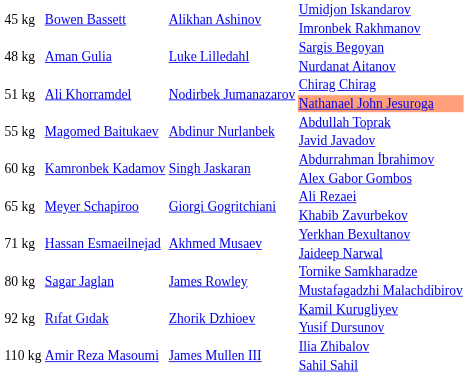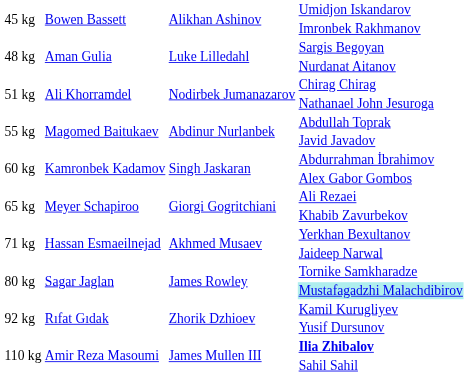 <table>
 <tr>
 <td rowspan=2>45 kg</td>
 <td rowspan=2> <a href='#'>Bowen Bassett</a></td>
 <td rowspan=2> <a href='#'>Alikhan Ashinov</a></td>
 <td> <a href='#'>Umidjon Iskandarov</a></td>
 </tr>
 <tr>
 <td> <a href='#'>Imronbek Rakhmanov</a></td>
 </tr>
 <tr>
 <td rowspan=2>48 kg</td>
 <td rowspan=2> <a href='#'>Aman Gulia</a></td>
 <td rowspan=2> <a href='#'>Luke Lilledahl</a></td>
 <td> <a href='#'>Sargis Begoyan</a></td>
 </tr>
 <tr>
 <td> <a href='#'>Nurdanat Aitanov</a></td>
 </tr>
 <tr>
 <td rowspan=2>51 kg</td>
 <td rowspan=2> <a href='#'>Ali Khorramdel</a></td>
 <td rowspan=2> <a href='#'>Nodirbek Jumanazarov</a></td>
 <td> <a href='#'>Chirag Chirag</a></td>
 </tr>
 <tr>
-<td style="background: lightsalmon;"> <a href='#'>Nathanael John Jesuroga</a></td>
+<td> <a href='#'>Nathanael John Jesuroga</a></td>
 </tr>
 <tr>
 <td rowspan=2>55 kg</td>
 <td rowspan=2> <a href='#'>Magomed Baitukaev</a></td>
 <td rowspan=2> <a href='#'>Abdinur Nurlanbek</a></td>
 <td> <a href='#'>Abdullah Toprak</a></td>
 </tr>
 <tr>
 <td> <a href='#'>Javid Javadov</a></td>
 </tr>
 <tr>
 <td rowspan=2>60 kg</td>
 <td rowspan=2> <a href='#'>Kamronbek Kadamov</a></td>
 <td rowspan=2> <a href='#'>Singh Jaskaran</a></td>
 <td> <a href='#'>Abdurrahman İbrahimov</a></td>
 </tr>
 <tr>
 <td> <a href='#'>Alex Gabor Gombos</a></td>
 </tr>
 <tr>
 <td rowspan=2>65 kg</td>
 <td rowspan=2> <a href='#'>Meyer Schapiroo</a></td>
 <td rowspan=2> <a href='#'>Giorgi Gogritchiani</a></td>
 <td> <a href='#'>Ali Rezaei</a></td>
 </tr>
 <tr>
 <td> <a href='#'>Khabib Zavurbekov</a></td>
 </tr>
 <tr>
 <td rowspan=2>71 kg</td>
 <td rowspan=2> <a href='#'>Hassan Esmaeilnejad</a></td>
 <td rowspan=2> <a href='#'>Akhmed Musaev</a></td>
 <td> <a href='#'>Yerkhan Bexultanov</a></td>
 </tr>
 <tr>
 <td> <a href='#'>Jaideep Narwal</a></td>
 </tr>
 <tr>
 <td rowspan=2>80 kg</td>
 <td rowspan=2> <a href='#'>Sagar Jaglan</a></td>
 <td rowspan=2> <a href='#'>James Rowley</a></td>
 <td> <a href='#'>Tornike Samkharadze</a></td>
 </tr>
 <tr>
-<td> <a href='#'>Mustafagadzhi Malachdibirov</a></td>
+<td style="background: paleturquoise;"> <a href='#'>Mustafagadzhi Malachdibirov</a></td>
 </tr>
 <tr>
 <td rowspan=2>92 kg</td>
 <td rowspan=2> <a href='#'>Rıfat Gıdak</a></td>
 <td rowspan=2> <a href='#'>Zhorik Dzhioev</a></td>
 <td> <a href='#'>Kamil Kurugliyev</a></td>
 </tr>
 <tr>
 <td> <a href='#'>Yusif Dursunov</a></td>
 </tr>
 <tr>
 <td rowspan=2>110 kg</td>
 <td rowspan=2> <a href='#'>Amir Reza Masoumi</a></td>
 <td rowspan=2> <a href='#'>James Mullen III</a></td>
-<td> <a href='#'>Ilia Zhibalov</a></td>
+<td><strong> <a href='#'>Ilia Zhibalov</a></strong></td>
 </tr>
 <tr>
 <td> <a href='#'>Sahil Sahil</a></td>
 </tr>
 </table>
